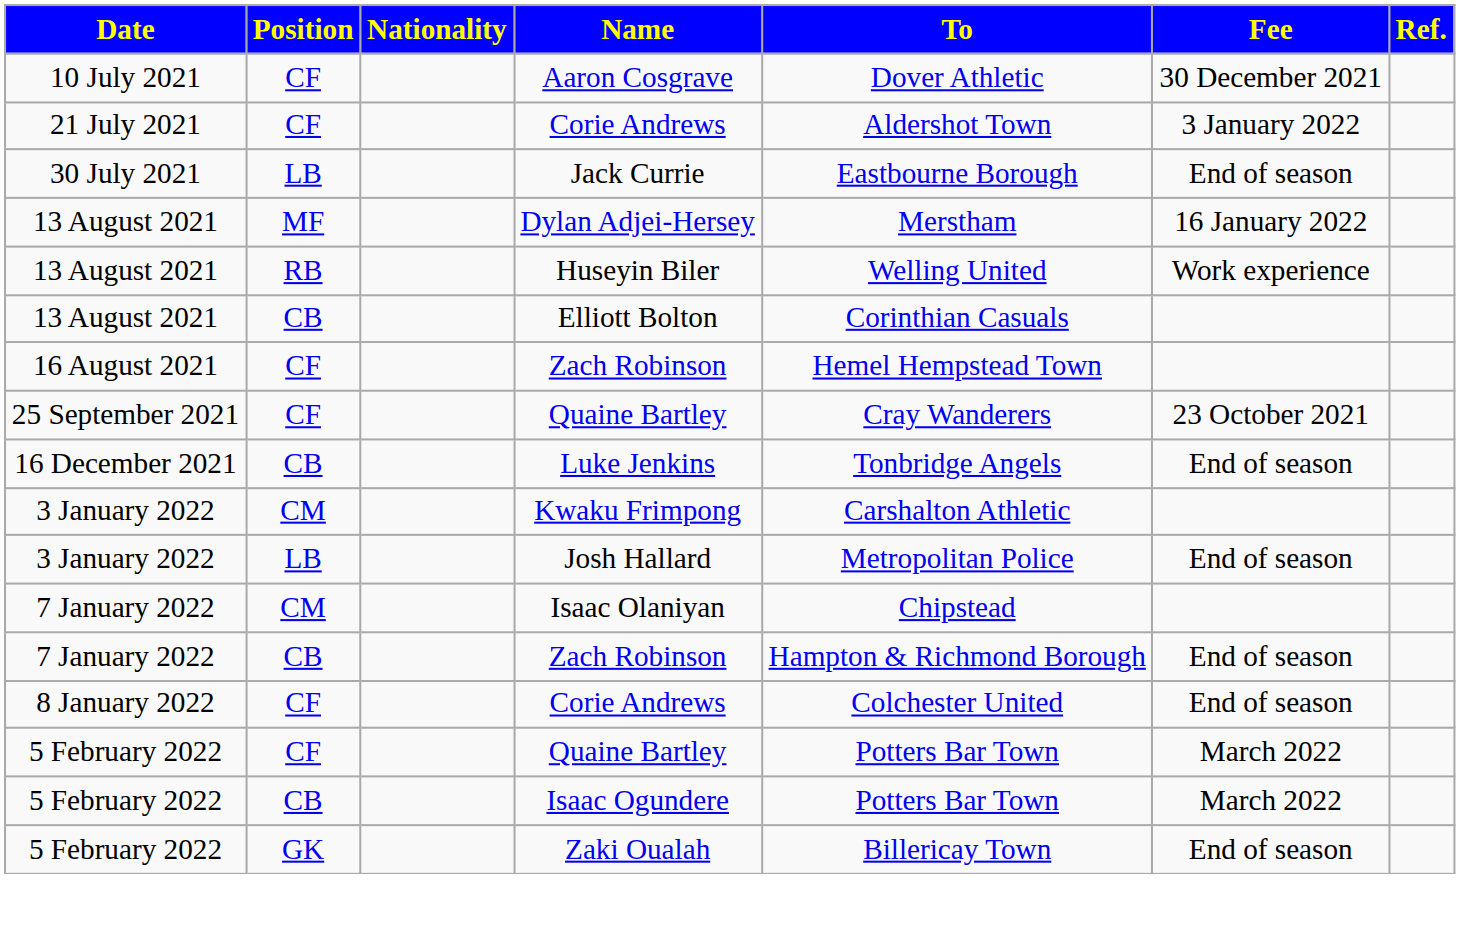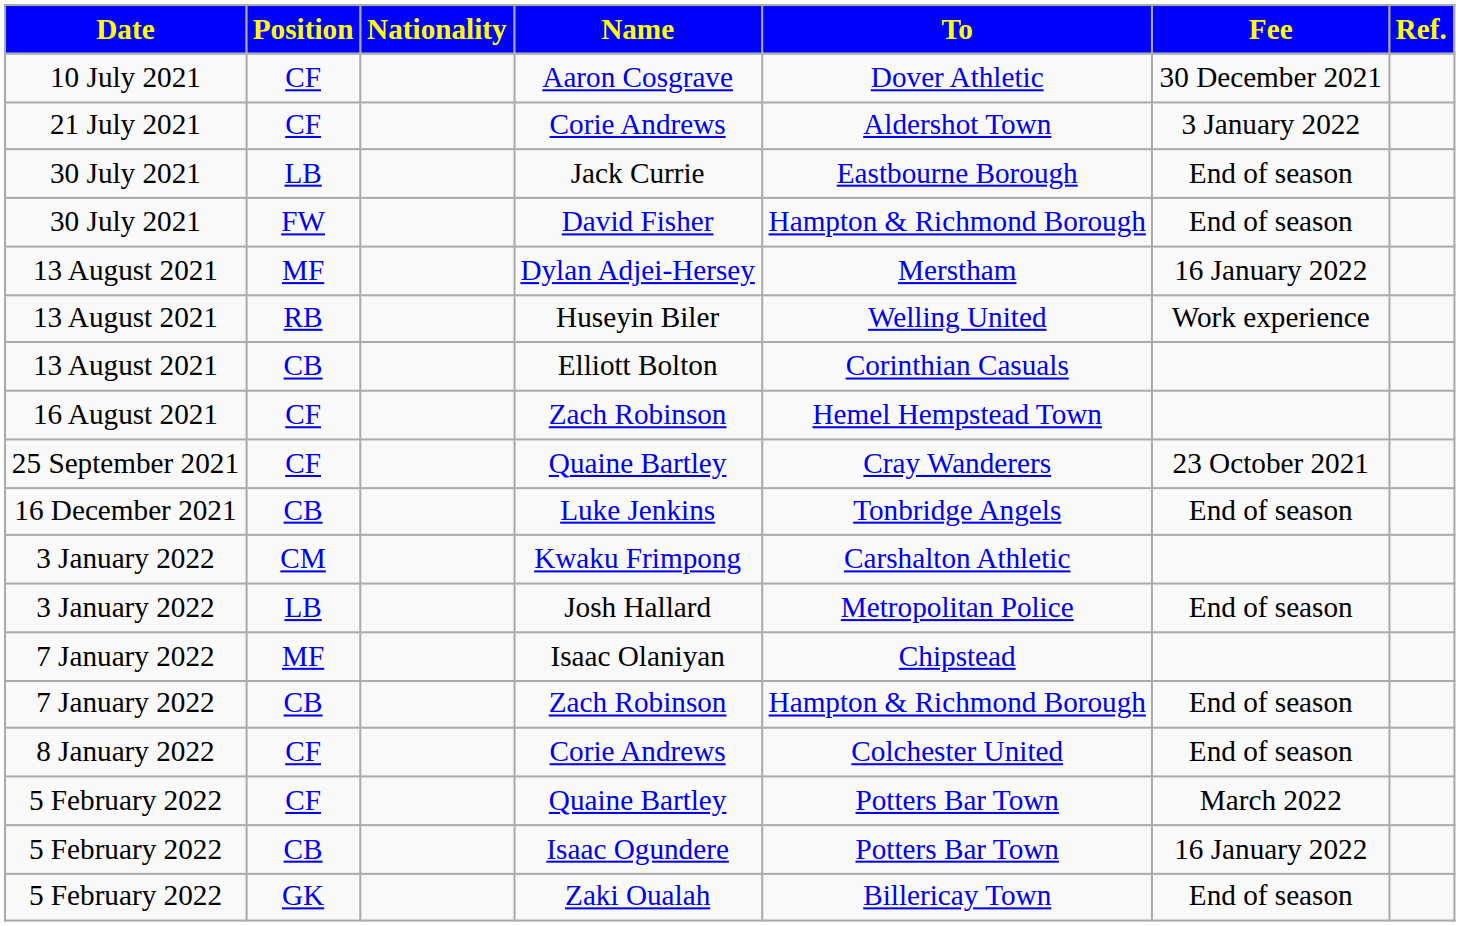 <table class="wikitable"  style="text-align:center; font-size:90%; ">
 <tr>
 <th style="background:#0000ff; color:#FFFF00; ">Date</th>
 <th style="background:#0000ff; color:#FFFF00; ">Position</th>
 <th style="background:#0000ff; color:#FFFF00; ">Nationality</th>
 <th style="background:#0000ff; color:#FFFF00; ">Name</th>
 <th style="background:#0000ff; color:#FFFF00; ">To</th>
 <th style="background:#0000ff; color:#FFFF00; ">Fee</th>
 <th style="background:#0000ff; color:#FFFF00; ">Ref.</th>
 </tr>
 <tr>
 <td>10 July 2021</td>
 <td><a href='#'>CF</a></td>
 <td></td>
 <td><a href='#'>Aaron Cosgrave</a></td>
 <td> <a href='#'>Dover Athletic</a></td>
 <td>30 December 2021</td>
 <td></td>
 </tr>
 <tr>
 <td>21 July 2021</td>
 <td><a href='#'>CF</a></td>
 <td></td>
 <td><a href='#'>Corie Andrews</a></td>
 <td> <a href='#'>Aldershot Town</a></td>
 <td>3 January 2022</td>
 <td></td>
 </tr>
 <tr>
 <td>30 July 2021</td>
 <td><a href='#'>LB</a></td>
 <td></td>
 <td>Jack Currie</td>
 <td> <a href='#'>Eastbourne Borough</a></td>
+<td>End of season</td>
+<td></td>
+</tr>
+<tr>
+<td>30 July 2021</td>
+<td><a href='#'>FW</a></td>
+<td></td>
+<td><a href='#'>David Fisher</a></td>
+<td> <a href='#'>Hampton & Richmond Borough</a></td>
 <td>End of season</td>
 <td></td>
 </tr>
 <tr>
 <td>13 August 2021</td>
 <td><a href='#'>MF</a></td>
 <td></td>
 <td><a href='#'>Dylan Adjei-Hersey</a></td>
 <td> <a href='#'>Merstham</a></td>
 <td>16 January 2022</td>
 <td></td>
 </tr>
 <tr>
 <td>13 August 2021</td>
 <td><a href='#'>RB</a></td>
 <td></td>
 <td>Huseyin Biler</td>
 <td> <a href='#'>Welling United</a></td>
 <td>Work experience</td>
 <td></td>
 </tr>
 <tr>
 <td>13 August 2021</td>
 <td><a href='#'>CB</a></td>
 <td></td>
 <td>Elliott Bolton</td>
 <td> <a href='#'>Corinthian Casuals</a></td>
 <td></td>
 <td></td>
 </tr>
 <tr>
 <td>16 August 2021</td>
 <td><a href='#'>CF</a></td>
 <td></td>
 <td><a href='#'>Zach Robinson</a></td>
 <td> <a href='#'>Hemel Hempstead Town</a></td>
 <td></td>
 <td></td>
 </tr>
 <tr>
 <td>25 September 2021</td>
 <td><a href='#'>CF</a></td>
 <td></td>
 <td><a href='#'>Quaine Bartley</a></td>
 <td> <a href='#'>Cray Wanderers</a></td>
 <td>23 October 2021</td>
 <td></td>
 </tr>
 <tr>
 <td>16 December 2021</td>
 <td><a href='#'>CB</a></td>
 <td></td>
 <td><a href='#'>Luke Jenkins</a></td>
 <td> <a href='#'>Tonbridge Angels</a></td>
 <td>End of season</td>
 <td></td>
 </tr>
 <tr>
 <td>3 January 2022</td>
 <td><a href='#'>CM</a></td>
 <td></td>
 <td><a href='#'>Kwaku Frimpong</a></td>
 <td> <a href='#'>Carshalton Athletic</a></td>
 <td></td>
 <td></td>
 </tr>
 <tr>
 <td>3 January 2022</td>
 <td><a href='#'>LB</a></td>
 <td></td>
 <td>Josh Hallard</td>
 <td> <a href='#'>Metropolitan Police</a></td>
 <td>End of season</td>
 <td></td>
 </tr>
 <tr>
 <td>7 January 2022</td>
-<td><a href='#'>CM</a></td>
+<td><a href='#'>MF</a></td>
 <td></td>
 <td>Isaac Olaniyan</td>
 <td> <a href='#'>Chipstead</a></td>
 <td></td>
 <td></td>
 </tr>
 <tr>
 <td>7 January 2022</td>
 <td><a href='#'>CB</a></td>
 <td></td>
 <td><a href='#'>Zach Robinson</a></td>
 <td> <a href='#'>Hampton & Richmond Borough</a></td>
 <td>End of season</td>
 <td></td>
 </tr>
 <tr>
 <td>8 January 2022</td>
 <td><a href='#'>CF</a></td>
 <td></td>
 <td><a href='#'>Corie Andrews</a></td>
 <td> <a href='#'>Colchester United</a></td>
 <td>End of season</td>
 <td></td>
 </tr>
 <tr>
 <td>5 February 2022</td>
 <td><a href='#'>CF</a></td>
 <td></td>
 <td><a href='#'>Quaine Bartley</a></td>
 <td> <a href='#'>Potters Bar Town</a></td>
 <td>March 2022</td>
 <td></td>
 </tr>
 <tr>
 <td>5 February 2022</td>
 <td><a href='#'>CB</a></td>
 <td></td>
 <td><a href='#'>Isaac Ogundere</a></td>
 <td> <a href='#'>Potters Bar Town</a></td>
-<td>March 2022</td>
+<td>16 January 2022</td>
 <td></td>
 </tr>
 <tr>
 <td>5 February 2022</td>
 <td><a href='#'>GK</a></td>
 <td></td>
 <td><a href='#'>Zaki Oualah</a></td>
 <td> <a href='#'>Billericay Town</a></td>
 <td>End of season</td>
 <td></td>
 </tr>
 </table>
